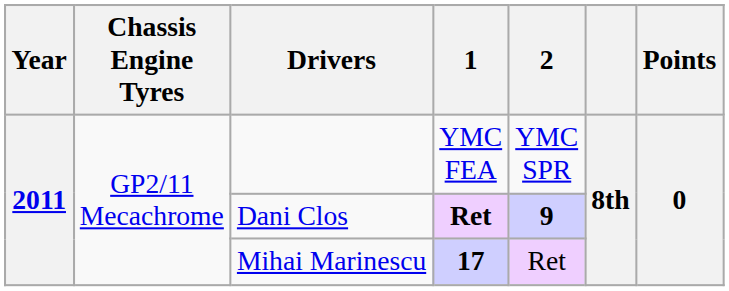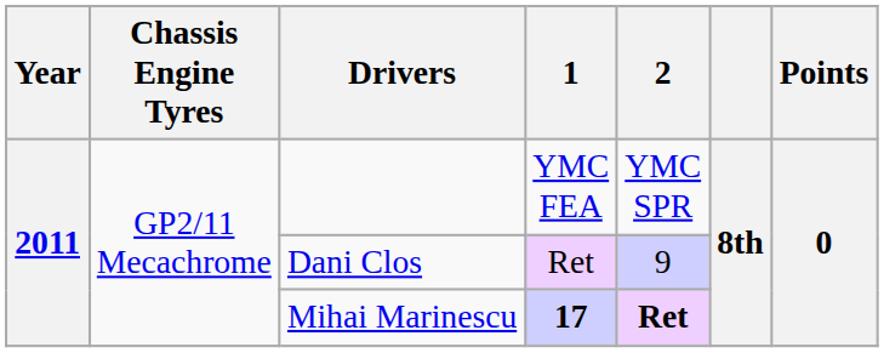 <table class="wikitable" style="text-align:center; font-size:85%;">
 <tr>
 <th>Year</th>
 <th>Chassis<br>Engine<br>Tyres</th>
 <th>Drivers</th>
 <th>1</th>
 <th>2</th>
 <th></th>
 <th>Points</th>
 </tr>
 <tr>
 <th rowspan=3><a href='#'>2011</a></th>
 <td rowspan=3><a href='#'>GP2/11</a><br><a href='#'>Mecachrome</a><br></td>
 <td></td>
 <td><a href='#'>YMC<br>FEA</a></td>
 <td><a href='#'>YMC<br>SPR</a></td>
 <th rowspan=3>8th</th>
 <th rowspan=3>0</th>
 </tr>
 <tr>
 <td align=left> <a href='#'>Dani Clos</a></td>
-<td bgcolor="#EFCFFF"><strong>Ret</strong></td>
-<td bgcolor="#CFCFFF"><strong>9</strong></td>
+<td bgcolor="#EFCFFF">Ret</td>
+<td bgcolor="#CFCFFF">9</td>
 </tr>
 <tr>
 <td align=left> <a href='#'>Mihai Marinescu</a></td>
 <td bgcolor="#CFCFFF"><strong>17</strong></td>
-<td bgcolor="#EFCFFF">Ret</td>
+<td bgcolor="#EFCFFF"><strong>Ret</strong></td>
 </tr>
 </table>
